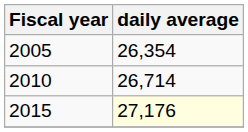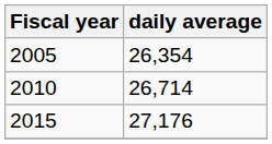 <table class="wikitable">
 <tr>
 <th>Fiscal year</th>
 <th>daily average</th>
 </tr>
 <tr>
 <td>2005</td>
 <td>26,354</td>
 </tr>
 <tr>
 <td>2010</td>
 <td>26,714</td>
 </tr>
 <tr>
 <td>2015</td>
-<td style="background: lightyellow;">27,176</td>
+<td>27,176</td>
 </tr>
 <tr>
 </tr>
 </table>
